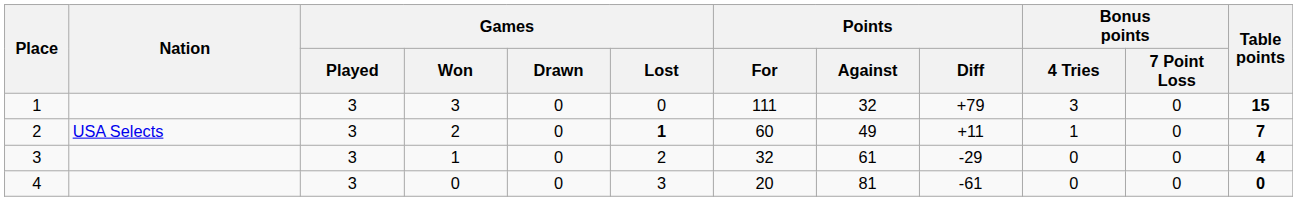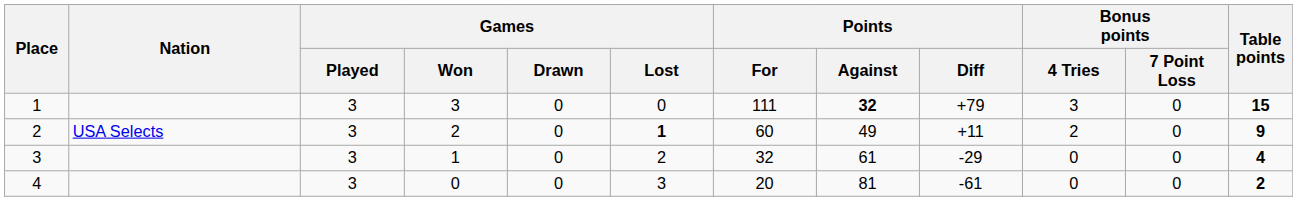 <table class="wikitable" style="width:100%;">
 <tr>
 <th rowspan="2" style="width:5%;">Place</th>
 <th rowspan="2" style="width:18%;">Nation</th>
 <th colspan="4" style="width:32%;">Games</th>
 <th colspan="3" style="width:18%;">Points</th>
 <th colspan="2" style="width:16%;">Bonus<br>points</th>
 <th rowspan="2" style="width:10%;">Table<br>points</th>
 </tr>
 <tr>
 <th style="width:8%;">Played</th>
 <th style="width:8%;">Won</th>
 <th style="width:8%;">Drawn</th>
 <th style="width:8%;">Lost</th>
 <th style="width:8%;">For</th>
 <th style="width:8%;">Against</th>
 <th style="width:8%;">Diff</th>
 <th style="width:8%;">4 Tries</th>
 <th style="width:8%;">7 Point Loss</th>
 </tr>
 <tr align=center>
 <td>1</td>
 <td align=left></td>
 <td>3</td>
 <td>3</td>
 <td>0</td>
 <td>0</td>
 <td>111</td>
-<td>32</td>
+<td><strong>32</strong></td>
 <td>+79</td>
 <td>3</td>
 <td>0</td>
 <td><strong>15</strong></td>
 </tr>
 <tr align=center>
 <td>2</td>
 <td align=left> <a href='#'>USA Selects</a></td>
 <td>3</td>
 <td>2</td>
 <td>0</td>
 <td><strong>1</strong></td>
 <td>60</td>
 <td>49</td>
 <td>+11</td>
-<td>1</td>
+<td>2</td>
 <td>0</td>
-<td><strong>7</strong></td>
+<td><strong>9</strong></td>
 </tr>
 <tr align=center>
 <td>3</td>
 <td align=left></td>
 <td>3</td>
 <td>1</td>
 <td>0</td>
 <td>2</td>
 <td>32</td>
 <td>61</td>
 <td>-29</td>
 <td>0</td>
 <td>0</td>
 <td><strong>4</strong></td>
 </tr>
 <tr align=center>
 <td>4</td>
 <td align=left></td>
 <td>3</td>
 <td>0</td>
 <td>0</td>
 <td>3</td>
 <td>20</td>
 <td>81</td>
 <td>-61</td>
 <td>0</td>
 <td>0</td>
-<td><strong>0</strong></td>
+<td><strong>2</strong></td>
 </tr>
 </table>
